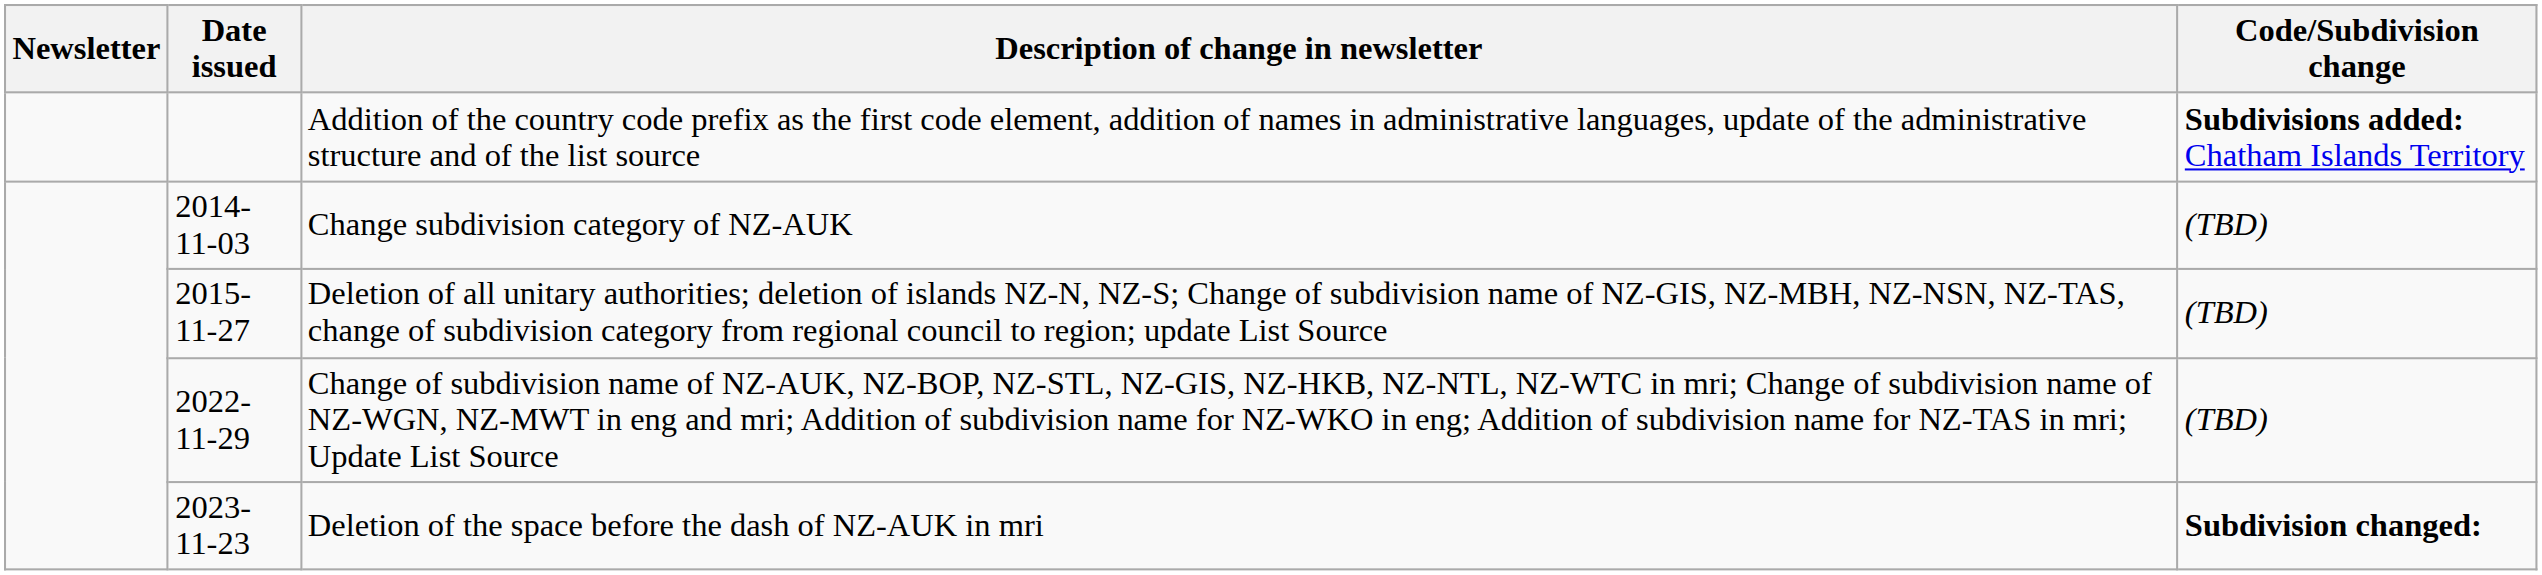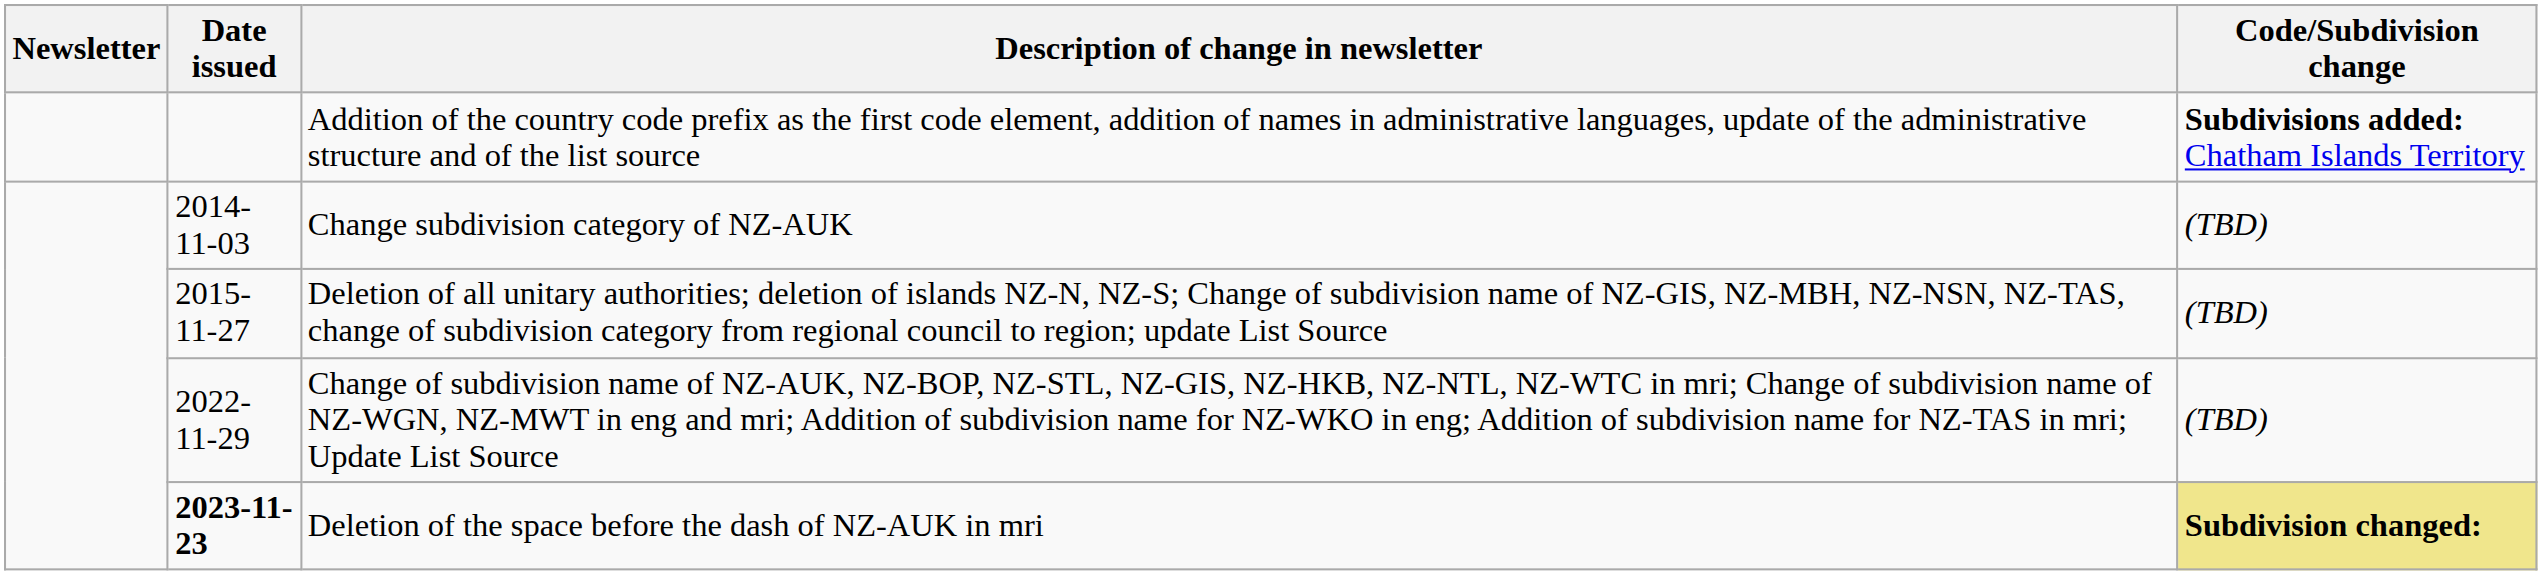 <table class="wikitable">
 <tr>
 <th>Newsletter</th>
 <th>Date issued</th>
 <th>Description of change in newsletter</th>
 <th>Code/Subdivision change</th>
 </tr>
 <tr>
 <td id="II-2"></td>
 <td></td>
 <td>Addition of the country code prefix as the first code element, addition of names in administrative languages, update of the administrative structure and of the list source</td>
 <td style=white-space:nowrap><strong>Subdivisions added:</strong><br>  <a href='#'>Chatham Islands Territory</a></td>
 </tr>
 <tr>
 <td rowspan="4"></td>
 <td>2014-11-03</td>
 <td>Change subdivision category of NZ-AUK</td>
 <td><em>(TBD)</em></td>
 </tr>
 <tr>
 <td>2015-11-27</td>
 <td>Deletion of all unitary authorities; deletion of islands NZ-N, NZ-S; Change of subdivision name of NZ-GIS, NZ-MBH, NZ-NSN, NZ-TAS, change of subdivision category from regional council to region; update List Source</td>
 <td><em>(TBD)</em></td>
 </tr>
 <tr>
 <td>2022-11-29</td>
 <td>Change of subdivision name of NZ-AUK, NZ-BOP, NZ-STL, NZ-GIS, NZ-HKB, NZ-NTL, NZ-WTC in mri; Change of subdivision name of NZ-WGN, NZ-MWT in eng and mri; Addition of subdivision name for NZ-WKO in eng; Addition of subdivision name for NZ-TAS in mri; Update List Source</td>
 <td><em>(TBD)</em></td>
 </tr>
 <tr>
-<td>2023-11-23</td>
+<td><strong>2023-11-23</strong></td>
 <td>Deletion of the space before the dash of NZ-AUK in mri</td>
-<td><strong>Subdivision changed:</strong><br> </td>
+<td style="background: khaki;"><strong>Subdivision changed:</strong><br> </td>
 </tr>
 </table>
